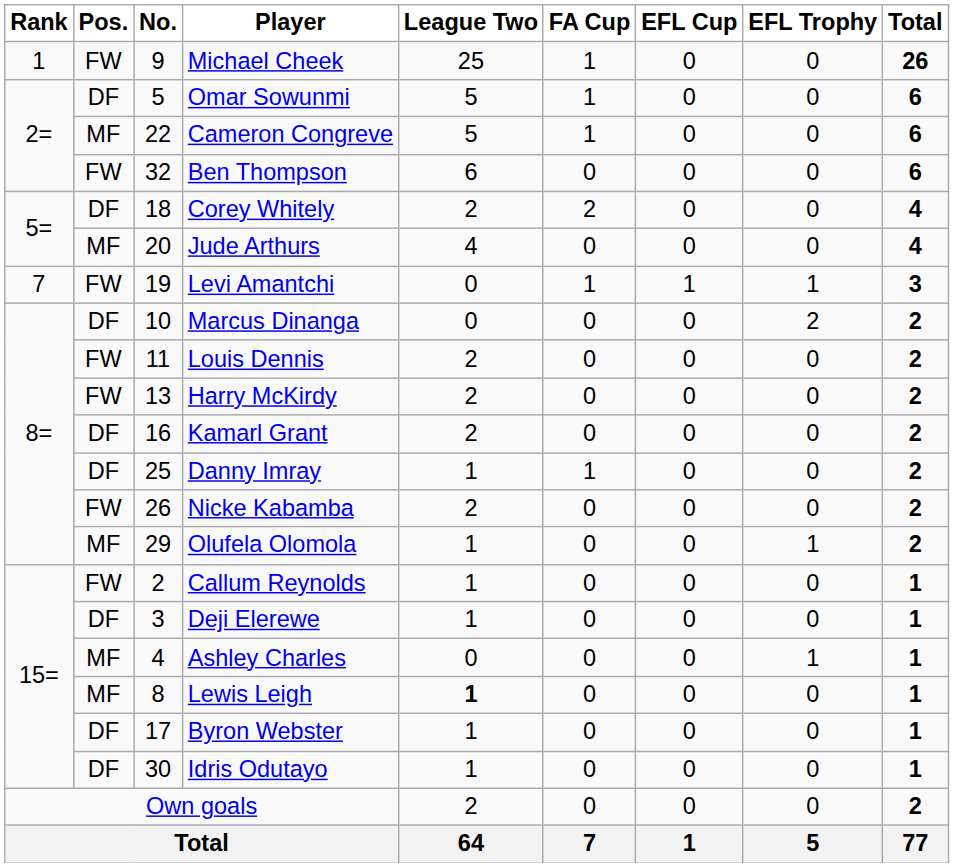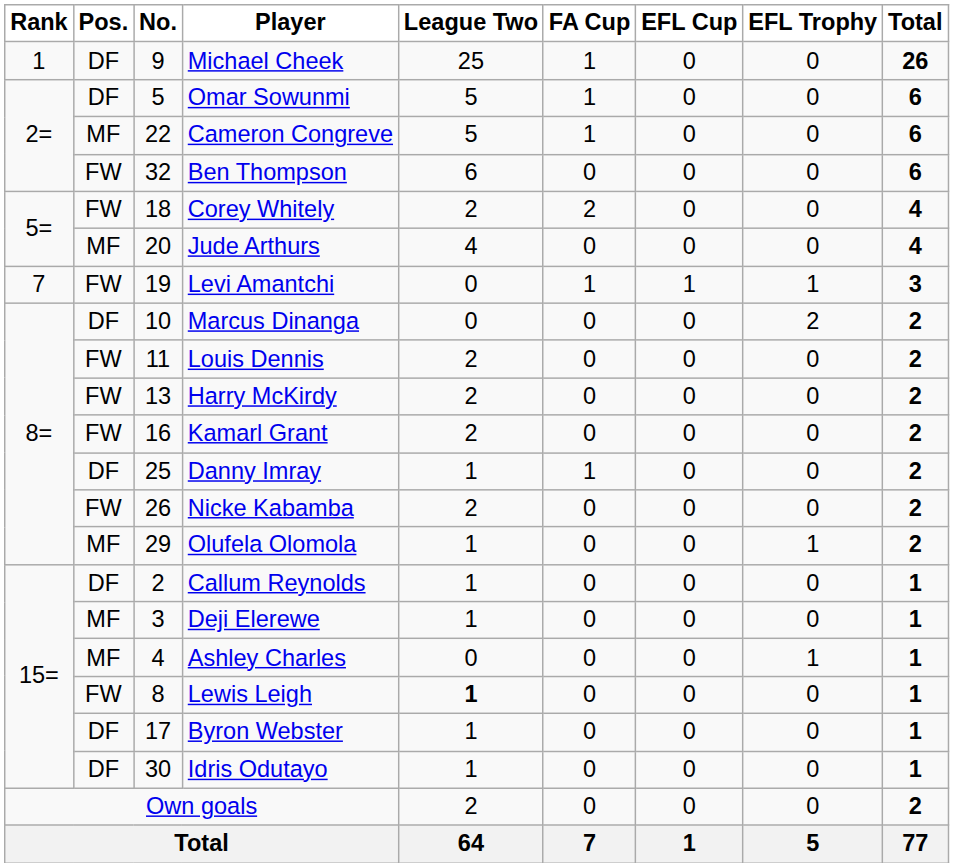 <table class="wikitable sortable" style="text-align:center">
 <tr>
 <th style="background-color:white;color:black;">Rank</th>
 <th style="background-color:white;color:black;">Pos.</th>
 <th style="background-color:white;color:black;">No.</th>
 <th style="background-color:white;color:black;">Player</th>
 <th style="background-color:white;color:black;">League Two</th>
 <th style="background-color:white;color:black;">FA Cup</th>
 <th style="background-color:white;color:black;">EFL Cup</th>
 <th style="background-color:white;color:black;">EFL Trophy</th>
 <th style="background-color:white;color:black;">Total</th>
 </tr>
 <tr>
 <td>1</td>
-<td>FW</td>
+<td>DF</td>
 <td>9</td>
 <td style="text-align:left"> <a href='#'>Michael Cheek</a></td>
 <td>25</td>
 <td>1</td>
 <td>0</td>
 <td>0</td>
 <td><strong>26</strong></td>
 </tr>
 <tr>
 <td rowspan="3">2=</td>
 <td>DF</td>
 <td>5</td>
 <td style="text-align:left"> <a href='#'>Omar Sowunmi</a></td>
 <td>5</td>
 <td>1</td>
 <td>0</td>
 <td>0</td>
 <td><strong>6</strong></td>
 </tr>
 <tr>
 <td>MF</td>
 <td>22</td>
 <td style="text-align:left"> <a href='#'>Cameron Congreve</a></td>
 <td>5</td>
 <td>1</td>
 <td>0</td>
 <td>0</td>
 <td><strong>6</strong></td>
 </tr>
 <tr>
 <td>FW</td>
 <td>32</td>
 <td style="text-align:left"> <a href='#'>Ben Thompson</a></td>
 <td>6</td>
 <td>0</td>
 <td>0</td>
 <td>0</td>
 <td><strong>6</strong></td>
 </tr>
 <tr>
 <td rowspan="2">5=</td>
-<td>DF</td>
+<td>FW</td>
 <td>18</td>
 <td style="text-align:left"> <a href='#'>Corey Whitely</a></td>
 <td>2</td>
 <td>2</td>
 <td>0</td>
 <td>0</td>
 <td><strong>4</strong></td>
 </tr>
 <tr>
 <td>MF</td>
 <td>20</td>
 <td style="text-align:left"> <a href='#'>Jude Arthurs</a></td>
 <td>4</td>
 <td>0</td>
 <td>0</td>
 <td>0</td>
 <td><strong>4</strong></td>
 </tr>
 <tr>
 <td>7</td>
 <td>FW</td>
 <td>19</td>
 <td style="text-align:left"> <a href='#'>Levi Amantchi</a></td>
 <td>0</td>
 <td>1</td>
 <td>1</td>
 <td>1</td>
 <td><strong>3</strong></td>
 </tr>
 <tr>
 <td rowspan="7">8=</td>
 <td>DF</td>
 <td>10</td>
 <td style="text-align:left"> <a href='#'>Marcus Dinanga</a></td>
 <td>0</td>
 <td>0</td>
 <td>0</td>
 <td>2</td>
 <td><strong>2</strong></td>
 </tr>
 <tr>
 <td>FW</td>
 <td>11</td>
 <td style="text-align:left"> <a href='#'>Louis Dennis</a></td>
 <td>2</td>
 <td>0</td>
 <td>0</td>
 <td>0</td>
 <td><strong>2</strong></td>
 </tr>
 <tr>
 <td>FW</td>
 <td>13</td>
 <td style="text-align:left"> <a href='#'>Harry McKirdy</a></td>
 <td>2</td>
 <td>0</td>
 <td>0</td>
 <td>0</td>
 <td><strong>2</strong></td>
 </tr>
 <tr>
-<td>DF</td>
+<td>FW</td>
 <td>16</td>
 <td style="text-align:left"> <a href='#'>Kamarl Grant</a></td>
 <td>2</td>
 <td>0</td>
 <td>0</td>
 <td>0</td>
 <td><strong>2</strong></td>
 </tr>
 <tr>
 <td>DF</td>
 <td>25</td>
 <td style="text-align:left"> <a href='#'>Danny Imray</a></td>
 <td>1</td>
 <td>1</td>
 <td>0</td>
 <td>0</td>
 <td><strong>2</strong></td>
 </tr>
 <tr>
 <td>FW</td>
 <td>26</td>
 <td style="text-align:left"> <a href='#'>Nicke Kabamba</a></td>
 <td>2</td>
 <td>0</td>
 <td>0</td>
 <td>0</td>
 <td><strong>2</strong></td>
 </tr>
 <tr>
 <td>MF</td>
 <td>29</td>
 <td style="text-align:left"> <a href='#'>Olufela Olomola</a></td>
 <td>1</td>
 <td>0</td>
 <td>0</td>
 <td>1</td>
 <td><strong>2</strong></td>
 </tr>
 <tr>
 <td rowspan="6">15=</td>
-<td>FW</td>
+<td>DF</td>
 <td>2</td>
 <td style="text-align:left"> <a href='#'>Callum Reynolds</a></td>
 <td>1</td>
 <td>0</td>
 <td>0</td>
 <td>0</td>
 <td><strong>1</strong></td>
 </tr>
 <tr>
-<td>DF</td>
+<td>MF</td>
 <td>3</td>
 <td style="text-align:left"> <a href='#'>Deji Elerewe</a></td>
 <td>1</td>
 <td>0</td>
 <td>0</td>
 <td>0</td>
 <td><strong>1</strong></td>
 </tr>
 <tr>
 <td>MF</td>
 <td>4</td>
 <td style="text-align:left"> <a href='#'>Ashley Charles</a></td>
 <td>0</td>
 <td>0</td>
 <td>0</td>
 <td>1</td>
 <td><strong>1</strong></td>
 </tr>
 <tr>
-<td>MF</td>
+<td>FW</td>
 <td>8</td>
 <td style="text-align:left"> <a href='#'>Lewis Leigh</a></td>
 <td><strong>1</strong></td>
 <td>0</td>
 <td>0</td>
 <td>0</td>
 <td><strong>1</strong></td>
 </tr>
 <tr>
 <td>DF</td>
 <td>17</td>
 <td style="text-align:left"> <a href='#'>Byron Webster</a></td>
 <td>1</td>
 <td>0</td>
 <td>0</td>
 <td>0</td>
 <td><strong>1</strong></td>
 </tr>
 <tr>
 <td>DF</td>
 <td>30</td>
 <td style="text-align:left"> <a href='#'>Idris Odutayo</a></td>
 <td>1</td>
 <td>0</td>
 <td>0</td>
 <td>0</td>
 <td><strong>1</strong></td>
 </tr>
 <tr>
 <td colspan="4"><a href='#'>Own goals</a></td>
 <td>2</td>
 <td>0</td>
 <td>0</td>
 <td>0</td>
 <td><strong>2</strong></td>
 </tr>
 <tr class="sortbottom">
 <th colspan="4">Total</th>
 <th>64</th>
 <th>7</th>
 <th>1</th>
 <th>5</th>
 <th>77</th>
 </tr>
 </table>
